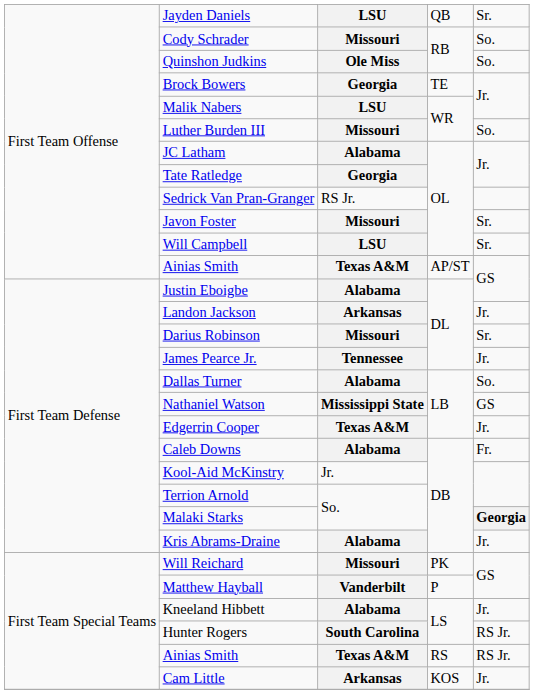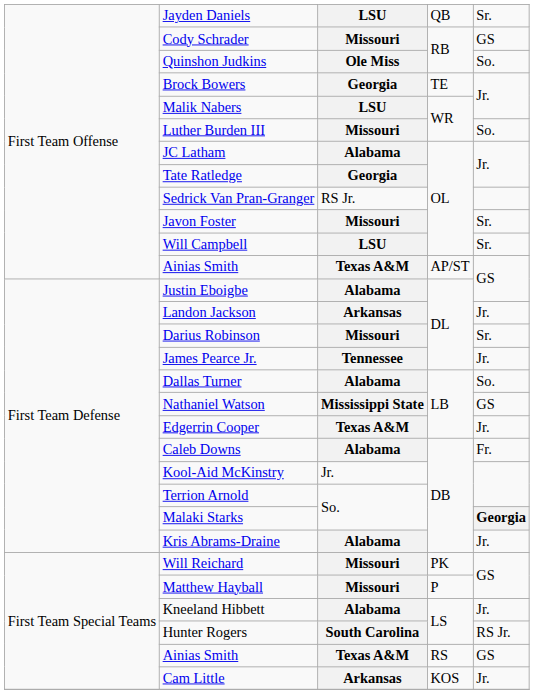 <table class="wikitable">
 <tr>
 <td rowspan=12>First Team Offense</td>
 <td><a href='#'>Jayden Daniels</a></td>
 <th>LSU</th>
 <td>QB</td>
 <td>Sr.</td>
 </tr>
 <tr>
 <td><a href='#'>Cody Schrader</a></td>
 <th>Missouri</th>
 <td rowspan=2>RB</td>
-<td>So.</td>
+<td>GS</td>
 </tr>
 <tr>
 <td><a href='#'>Quinshon Judkins</a></td>
 <th>Ole Miss</th>
 <td>So.</td>
 </tr>
 <tr>
 <td><a href='#'>Brock Bowers</a></td>
 <th>Georgia</th>
 <td>TE</td>
 <td rowspan=2>Jr.</td>
 </tr>
 <tr>
 <td><a href='#'>Malik Nabers</a></td>
 <th>LSU</th>
 <td rowspan=2>WR</td>
 </tr>
 <tr>
 <td><a href='#'>Luther Burden III</a></td>
 <th>Missouri</th>
 <td>So.</td>
 </tr>
 <tr>
 <td><a href='#'>JC Latham</a></td>
 <th>Alabama</th>
 <td rowspan=5>OL</td>
 <td rowspan=2>Jr.</td>
 </tr>
 <tr>
 <td><a href='#'>Tate Ratledge</a></td>
 <th>Georgia</th>
 </tr>
 <tr>
 <td><a href='#'>Sedrick Van Pran-Granger</a></td>
 <td>RS Jr.</td>
 </tr>
 <tr>
 <td><a href='#'>Javon Foster</a></td>
 <th>Missouri</th>
 <td>Sr.</td>
 </tr>
 <tr>
 <td><a href='#'>Will Campbell</a></td>
 <th>LSU</th>
 <td>Sr.</td>
 </tr>
 <tr>
 <td><a href='#'>Ainias Smith</a></td>
 <th>Texas A&M</th>
 <td>AP/ST</td>
 <td rowspan=2>GS</td>
 </tr>
 <tr>
 <td rowspan=12>First Team Defense</td>
 <td><a href='#'>Justin Eboigbe</a></td>
 <th>Alabama</th>
 <td rowspan=4>DL</td>
 </tr>
 <tr>
 <td><a href='#'>Landon Jackson</a></td>
 <th>Arkansas</th>
 <td>Jr.</td>
 </tr>
 <tr>
 <td><a href='#'>Darius Robinson</a></td>
 <th>Missouri</th>
 <td>Sr.</td>
 </tr>
 <tr>
 <td><a href='#'>James Pearce Jr.</a></td>
 <th>Tennessee</th>
 <td>Jr.</td>
 </tr>
 <tr>
 <td><a href='#'>Dallas Turner</a></td>
 <th>Alabama</th>
 <td rowspan=3>LB</td>
 <td>So.</td>
 </tr>
 <tr>
 <td><a href='#'>Nathaniel Watson</a></td>
 <th>Mississippi State</th>
 <td>GS</td>
 </tr>
 <tr>
 <td><a href='#'>Edgerrin Cooper</a></td>
 <th>Texas A&M</th>
 <td>Jr.</td>
 </tr>
 <tr>
 <td><a href='#'>Caleb Downs</a></td>
 <th>Alabama</th>
 <td rowspan=5>DB</td>
 <td>Fr.</td>
 </tr>
 <tr>
 <td><a href='#'>Kool-Aid McKinstry</a></td>
 <td>Jr.</td>
 </tr>
 <tr>
 <td><a href='#'>Terrion Arnold</a></td>
 <td rowspan=2>So.</td>
 </tr>
 <tr>
 <td><a href='#'>Malaki Starks</a></td>
 <th>Georgia</th>
 </tr>
 <tr>
 <td><a href='#'>Kris Abrams-Draine</a></td>
 <th>Alabama</th>
 <td>Jr.</td>
 </tr>
 <tr>
 <td rowspan=6>First Team Special Teams</td>
 <td><a href='#'>Will Reichard</a></td>
 <th>Missouri</th>
 <td>PK</td>
 <td rowspan=2>GS</td>
 </tr>
 <tr>
 <td><a href='#'>Matthew Hayball</a></td>
-<th>Vanderbilt</th>
+<th>Missouri</th>
 <td>P</td>
 </tr>
 <tr>
 <td>Kneeland Hibbett</td>
 <th>Alabama</th>
 <td rowspan=2>LS</td>
 <td>Jr.</td>
 </tr>
 <tr>
 <td>Hunter Rogers</td>
 <th>South Carolina</th>
 <td>RS Jr.</td>
 </tr>
 <tr>
 <td><a href='#'>Ainias Smith</a></td>
 <th>Texas A&M</th>
 <td>RS</td>
-<td>RS Jr.</td>
+<td>GS</td>
 </tr>
 <tr>
 <td><a href='#'>Cam Little</a></td>
 <th>Arkansas</th>
 <td>KOS</td>
 <td>Jr.</td>
 </tr>
 <tr>
 </tr>
 </table>
